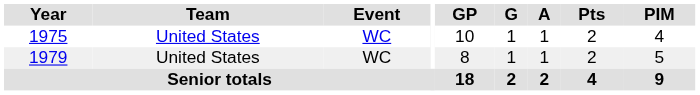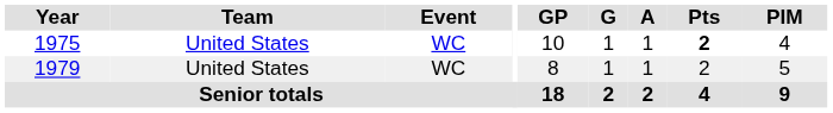 <table border="0" cellpadding="1" cellspacing="0" ID="Table3" style="text-align:center; width:40em">
 <tr bgcolor="#e0e0e0">
 <th>Year</th>
 <th>Team</th>
 <th>Event</th>
 <th rowspan="102" bgcolor="#ffffff"></th>
 <th>GP</th>
 <th>G</th>
 <th>A</th>
 <th>Pts</th>
 <th>PIM</th>
 </tr>
 <tr>
 <td><a href='#'>1975</a></td>
 <td><a href='#'>United States</a></td>
 <td><a href='#'>WC</a></td>
 <td>10</td>
 <td>1</td>
 <td>1</td>
-<td>2</td>
+<td><strong>2</strong></td>
 <td>4</td>
 </tr>
 <tr bgcolor="#f0f0f0">
 <td><a href='#'>1979</a></td>
 <td>United States</td>
 <td>WC</td>
 <td>8</td>
 <td>1</td>
 <td>1</td>
 <td>2</td>
 <td>5</td>
 </tr>
 <tr bgcolor="#e0e0e0">
 <th colspan="4">Senior totals</th>
 <th>18</th>
 <th>2</th>
 <th>2</th>
 <th>4</th>
 <th>9</th>
 </tr>
 </table>
